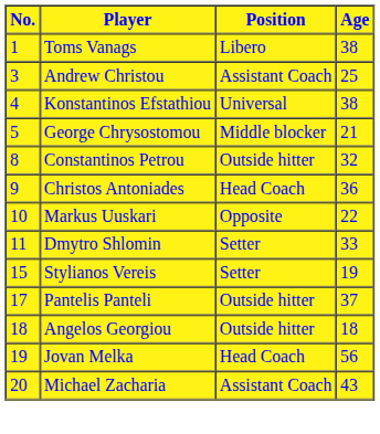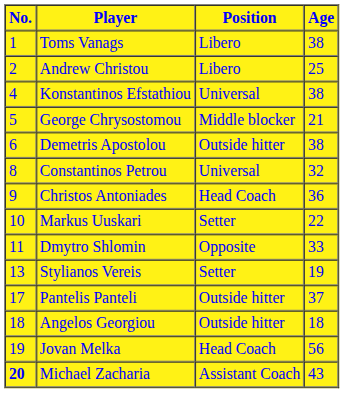 <table style="color: #0000ff; background-color: #fff215;" cellpadding="3" cellspacing="0" border="1" style="font-size: 95%; border: gray solid 1px; border-collapse: collapse;">
 <tr style="color: #0000ff; background-color: #fff215;">
 <th>No.</th>
 <th>Player</th>
 <th>Position</th>
 <th>Age</th>
 </tr>
 <tr align="left">
 <td>1</td>
 <td> Toms Vanags</td>
 <td>Libero</td>
 <td>38</td>
 </tr>
 <tr align="left">
-<td>3</td>
+<td>2</td>
 <td> Andrew Christou</td>
-<td>Assistant Coach</td>
+<td>Libero</td>
 <td>25</td>
 </tr>
 <tr align="left">
 <td>4</td>
 <td> Konstantinos Efstathiou</td>
 <td>Universal</td>
 <td>38</td>
 </tr>
 <tr align="left">
 <td>5</td>
 <td> George Chrysostomou</td>
 <td>Middle blocker</td>
 <td>21</td>
 </tr>
 <tr align="left">
+<td>6</td>
+<td> Demetris Apostolou</td>
+<td>Outside hitter</td>
+<td>38</td>
+</tr>
+<tr align="left">
 <td>8</td>
 <td> Constantinos Petrou</td>
-<td>Outside hitter</td>
+<td>Universal</td>
 <td>32</td>
 </tr>
 <tr align="left">
 <td>9</td>
 <td> Christos Antoniades</td>
 <td>Head Coach</td>
 <td>36</td>
 </tr>
 <tr align="left">
 <td>10</td>
 <td> Markus Uuskari</td>
-<td>Opposite</td>
+<td>Setter</td>
 <td>22</td>
 </tr>
 <tr align="left">
 <td>11</td>
 <td> Dmytro Shlomin</td>
-<td>Setter</td>
+<td>Opposite</td>
 <td>33</td>
 </tr>
 <tr align="left">
-<td>15</td>
+<td>13</td>
 <td> Stylianos Vereis</td>
 <td>Setter</td>
 <td>19</td>
 </tr>
 <tr align="left">
 <td>17</td>
 <td> Pantelis Panteli</td>
 <td>Outside hitter</td>
 <td>37</td>
 </tr>
 <tr align="left">
 <td>18</td>
 <td> Angelos Georgiou</td>
 <td>Outside hitter</td>
 <td>18</td>
 </tr>
 <tr align="left">
 <td>19</td>
 <td> Jovan Melka</td>
 <td>Head Coach</td>
 <td>56</td>
 </tr>
 <tr align="left">
-<td>20</td>
+<td><strong>20</strong></td>
 <td> Michael Zacharia</td>
 <td>Assistant Coach</td>
 <td>43</td>
 </tr>
 <tr align="left">
 </tr>
 </table>
